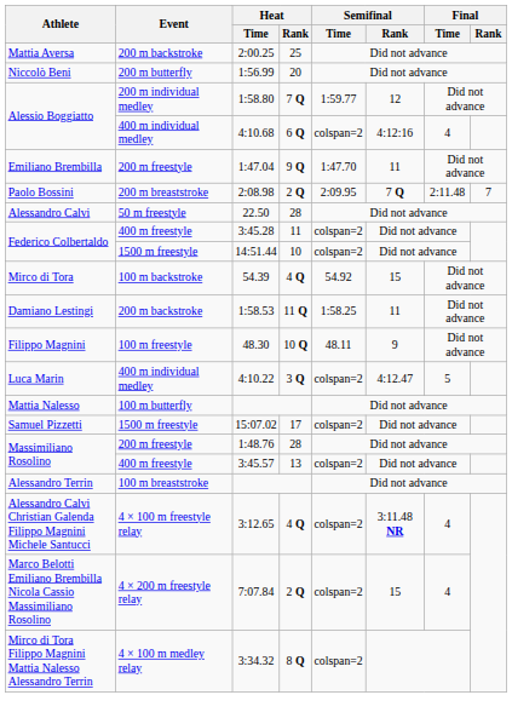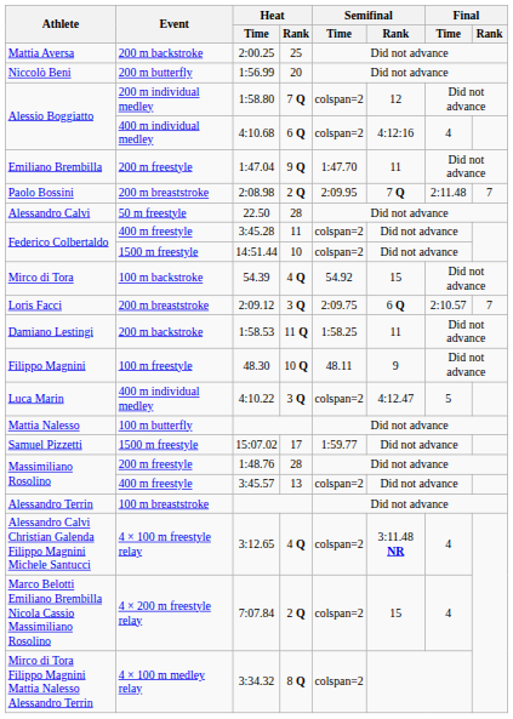 <table class=wikitable style="font-size:90%">
 <tr>
 <th rowspan="2">Athlete</th>
 <th rowspan="2">Event</th>
 <th colspan="2">Heat</th>
 <th colspan="2">Semifinal</th>
 <th colspan="2">Final</th>
 </tr>
 <tr style="font-size:95%">
 <th>Time</th>
 <th>Rank</th>
 <th>Time</th>
 <th>Rank</th>
 <th>Time</th>
 <th>Rank</th>
 </tr>
 <tr align=center>
 <td align=left><a href='#'>Mattia Aversa</a></td>
 <td align=left><a href='#'>200 m backstroke</a></td>
 <td>2:00.25</td>
 <td>25</td>
 <td colspan=4>Did not advance</td>
 </tr>
 <tr align=center>
 <td align=left><a href='#'>Niccolò Beni</a></td>
 <td align=left><a href='#'>200 m butterfly</a></td>
 <td>1:56.99</td>
 <td>20</td>
 <td colspan=4>Did not advance</td>
 </tr>
 <tr align=center>
 <td align=left rowspan=2><a href='#'>Alessio Boggiatto</a></td>
 <td align=left><a href='#'>200 m individual medley</a></td>
 <td>1:58.80</td>
 <td>7 <strong>Q</strong></td>
-<td>1:59.77</td>
+<td>colspan=2 </td>
 <td>12</td>
 <td colspan=2>Did not advance</td>
 </tr>
 <tr align=center>
 <td align=left><a href='#'>400 m individual medley</a></td>
 <td>4:10.68</td>
 <td>6 <strong>Q</strong></td>
 <td>colspan=2 </td>
 <td>4:12:16</td>
 <td>4</td>
 </tr>
 <tr align=center>
 <td align=left><a href='#'>Emiliano Brembilla</a></td>
 <td align=left><a href='#'>200 m freestyle</a></td>
 <td>1:47.04</td>
 <td>9 <strong>Q</strong></td>
 <td>1:47.70</td>
 <td>11</td>
 <td colspan=2>Did not advance</td>
 </tr>
 <tr align=center>
 <td align=left><a href='#'>Paolo Bossini</a></td>
 <td align=left><a href='#'>200 m breaststroke</a></td>
 <td>2:08.98</td>
 <td>2 <strong>Q</strong></td>
 <td>2:09.95</td>
 <td>7 <strong>Q</strong></td>
 <td>2:11.48</td>
 <td>7</td>
 </tr>
 <tr align=center>
 <td align=left><a href='#'>Alessandro Calvi</a></td>
 <td align=left><a href='#'>50 m freestyle</a></td>
 <td>22.50</td>
 <td>28</td>
 <td colspan=4>Did not advance</td>
 </tr>
 <tr align=center>
 <td align=left rowspan=2><a href='#'>Federico Colbertaldo</a></td>
 <td align=left><a href='#'>400 m freestyle</a></td>
 <td>3:45.28</td>
 <td>11</td>
 <td>colspan=2 </td>
 <td colspan=2>Did not advance</td>
 </tr>
 <tr align=center>
 <td align=left><a href='#'>1500 m freestyle</a></td>
 <td>14:51.44</td>
 <td>10</td>
 <td>colspan=2 </td>
 <td colspan=2>Did not advance</td>
 </tr>
 <tr align=center>
 <td align=left><a href='#'>Mirco di Tora</a></td>
 <td align=left><a href='#'>100 m backstroke</a></td>
 <td>54.39</td>
 <td>4 <strong>Q</strong></td>
 <td>54.92</td>
 <td>15</td>
 <td colspan=2>Did not advance</td>
 </tr>
 <tr align=center>
+<td align=left><a href='#'>Loris Facci</a></td>
+<td align=left><a href='#'>200 m breaststroke</a></td>
+<td>2:09.12</td>
+<td>3 <strong>Q</strong></td>
+<td>2:09.75</td>
+<td>6 <strong>Q</strong></td>
+<td>2:10.57</td>
+<td>7</td>
+</tr>
+<tr align=center>
 <td align=left><a href='#'>Damiano Lestingi</a></td>
 <td align=left><a href='#'>200 m backstroke</a></td>
 <td>1:58.53</td>
 <td>11 <strong>Q</strong></td>
 <td>1:58.25</td>
 <td>11</td>
 <td colspan=2>Did not advance</td>
 </tr>
 <tr align=center>
 <td align=left><a href='#'>Filippo Magnini</a></td>
 <td align=left><a href='#'>100 m freestyle</a></td>
 <td>48.30</td>
 <td>10 <strong>Q</strong></td>
 <td>48.11</td>
 <td>9</td>
 <td colspan=2>Did not advance</td>
 </tr>
 <tr align=center>
 <td align=left><a href='#'>Luca Marin</a></td>
 <td align=left><a href='#'>400 m individual medley</a></td>
 <td>4:10.22</td>
 <td>3 <strong>Q</strong></td>
 <td>colspan=2 </td>
 <td>4:12.47</td>
 <td>5</td>
 </tr>
 <tr align=center>
 <td align=left><a href='#'>Mattia Nalesso</a></td>
 <td align=left><a href='#'>100 m butterfly</a></td>
 <td colspan=2></td>
 <td colspan=4>Did not advance</td>
 </tr>
 <tr align=center>
 <td align=left><a href='#'>Samuel Pizzetti</a></td>
 <td align=left><a href='#'>1500 m freestyle</a></td>
 <td>15:07.02</td>
 <td>17</td>
-<td>colspan=2 </td>
+<td>1:59.77</td>
 <td colspan=2>Did not advance</td>
 </tr>
 <tr align=center>
 <td align=left rowspan=2><a href='#'>Massimiliano Rosolino</a></td>
 <td align=left><a href='#'>200 m freestyle</a></td>
 <td>1:48.76</td>
 <td>28</td>
 <td colspan=4>Did not advance</td>
 </tr>
 <tr align=center>
 <td align=left><a href='#'>400 m freestyle</a></td>
 <td>3:45.57</td>
 <td>13</td>
 <td>colspan=2 </td>
 <td colspan=2>Did not advance</td>
 </tr>
 <tr align=center>
 <td align=left><a href='#'>Alessandro Terrin</a></td>
 <td align=left><a href='#'>100 m breaststroke</a></td>
 <td colspan=2></td>
 <td colspan=4>Did not advance</td>
 </tr>
 <tr align=center>
 <td align=left><a href='#'>Alessandro Calvi</a><br><a href='#'>Christian Galenda</a><br><a href='#'>Filippo Magnini</a><br><a href='#'>Michele Santucci</a></td>
 <td align=left><a href='#'>4 × 100 m freestyle relay</a></td>
 <td>3:12.65</td>
 <td>4 <strong>Q</strong></td>
 <td>colspan=2 </td>
 <td>3:11.48 <strong><a href='#'>NR</a></strong></td>
 <td>4</td>
 </tr>
 <tr align=center>
 <td align=left><a href='#'>Marco Belotti</a><br><a href='#'>Emiliano Brembilla</a><br><a href='#'>Nicola Cassio</a><br><a href='#'>Massimiliano Rosolino</a></td>
 <td align=left><a href='#'>4 × 200 m freestyle relay</a></td>
 <td>7:07.84</td>
 <td>2 <strong>Q</strong></td>
 <td>colspan=2 </td>
 <td>15</td>
 <td>4</td>
 </tr>
 <tr align=center>
 <td align=left><a href='#'>Mirco di Tora</a><br><a href='#'>Filippo Magnini</a><br><a href='#'>Mattia Nalesso</a><br><a href='#'>Alessandro Terrin</a></td>
 <td align=left><a href='#'>4 × 100 m medley relay</a></td>
 <td>3:34.32</td>
 <td>8 <strong>Q</strong></td>
 <td>colspan=2 </td>
 <td colspan=2></td>
 </tr>
 </table>
